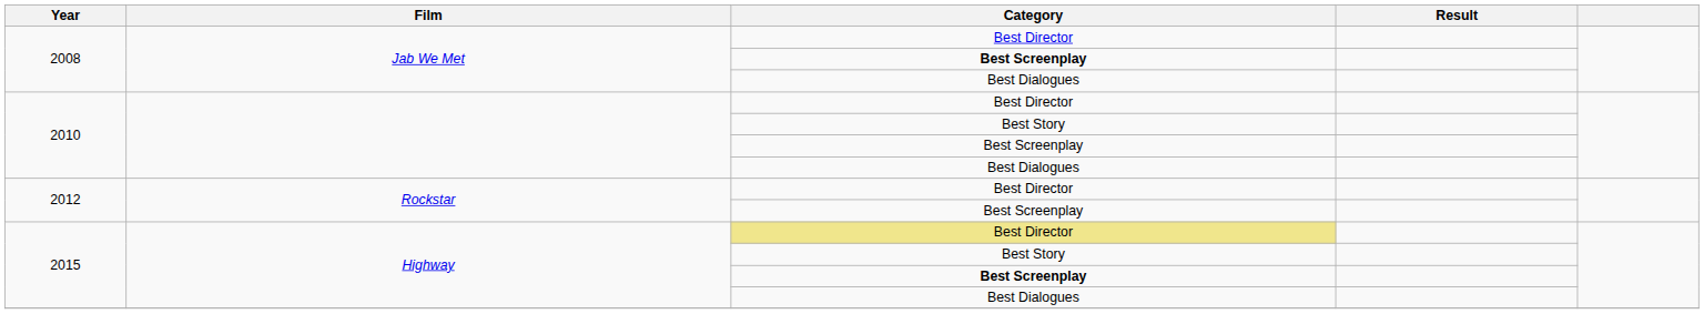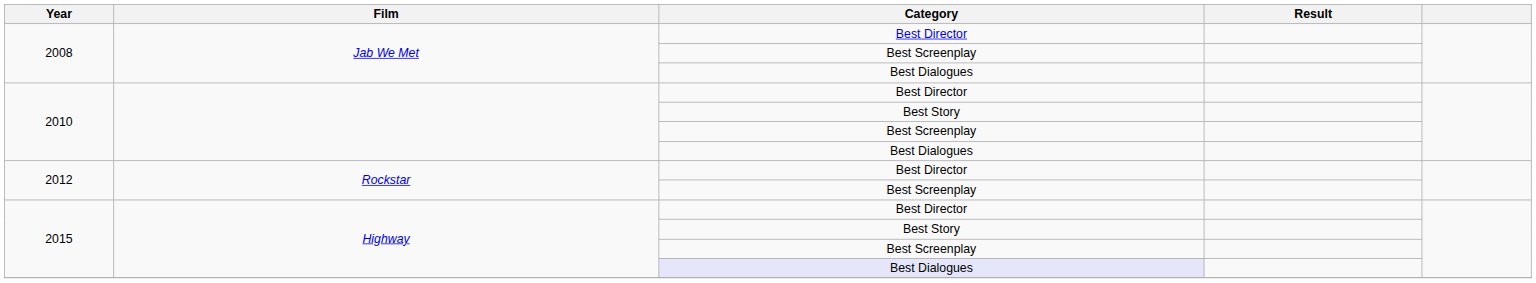 <table class="wikitable" style="width:100%;">
 <tr>
 <th style="width:5%;">Year</th>
 <th style="width:25%;">Film</th>
 <th style="width:25%;">Category</th>
 <th style="width:10%;">Result</th>
 <th style="width:5%;"></th>
 </tr>
 <tr>
 <td style="text-align:center;" rowspan="3">2008</td>
 <td style="text-align:center;" rowspan="3"><em><a href='#'>Jab We Met</a></em></td>
 <td style="text-align:center;"><a href='#'>Best Director</a></td>
 <td></td>
 <td rowspan="3"></td>
 </tr>
 <tr>
-<td style="text-align:center;"><strong>Best Screenplay</strong></td>
+<td style="text-align:center;">Best Screenplay</td>
 <td></td>
 </tr>
 <tr>
 <td style="text-align:center;">Best Dialogues</td>
 <td></td>
 </tr>
 <tr>
 <td style="text-align:center;" rowspan="4">2010</td>
 <td style="text-align:center;" rowspan="4"></td>
 <td style="text-align:center;">Best Director</td>
 <td></td>
 <td rowspan="4"></td>
 </tr>
 <tr>
 <td style="text-align:center;">Best Story</td>
 <td></td>
 </tr>
 <tr>
 <td style="text-align:center;">Best Screenplay</td>
 <td></td>
 </tr>
 <tr>
 <td style="text-align:center;">Best Dialogues</td>
 <td></td>
 </tr>
 <tr>
 <td style="text-align:center;" rowspan="2">2012</td>
 <td style="text-align:center;" rowspan="2"><em><a href='#'>Rockstar</a></em></td>
 <td style="text-align:center;">Best Director</td>
 <td></td>
 <td rowspan="2"></td>
 </tr>
 <tr>
 <td style="text-align:center;">Best Screenplay</td>
 <td></td>
 </tr>
 <tr>
 <td style="text-align:center;" rowspan="4">2015</td>
 <td style="text-align:center;" rowspan="4"><em><a href='#'>Highway</a></em></td>
-<td style="background: khaki; text-align:center;">Best Director</td>
+<td style="text-align:center;">Best Director</td>
 <td></td>
 <td rowspan="4"></td>
 </tr>
 <tr>
 <td style="text-align:center;">Best Story</td>
 <td></td>
 </tr>
 <tr>
-<td style="text-align:center;"><strong>Best Screenplay</strong></td>
+<td style="text-align:center;">Best Screenplay</td>
 <td></td>
 </tr>
 <tr>
-<td style="text-align:center;">Best Dialogues</td>
+<td style="background: lavender; text-align:center;">Best Dialogues</td>
 <td></td>
 </tr>
 <tr>
 </tr>
 </table>
